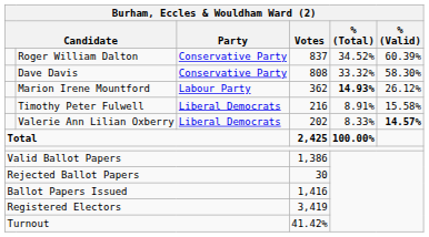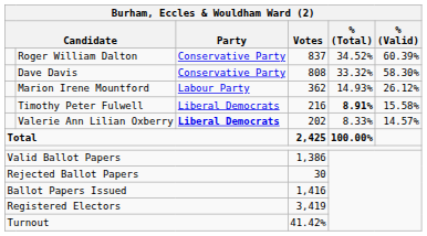 <table class="wikitable" border="1" style="text-align:right; font-size:100%">
 <tr>
 <th align=center colspan=6>Burham, Eccles & Wouldham Ward (2)</th>
 </tr>
 <tr>
 <th valign=bottom align=left colspan=2>Candidate</th>
 <th valign=bottom align=left>Party</th>
 <th valign=bottom align=center>Votes</th>
 <th align=center>%<br>(Total)</th>
 <th align=center>%<br>(Valid)</th>
 </tr>
 <tr>
 <td bgcolor=> </td>
 <td align=left>Roger William Dalton</td>
 <td align=left><a href='#'>Conservative Party</a></td>
 <td>837</td>
 <td>34.52%</td>
 <td>60.39%</td>
 </tr>
 <tr>
 <td bgcolor=> </td>
 <td align=left>Dave Davis</td>
 <td align=left><a href='#'>Conservative Party</a></td>
 <td>808</td>
 <td>33.32%</td>
 <td>58.30%</td>
 </tr>
 <tr>
 <td bgcolor=> </td>
 <td align=left>Marion Irene Mountford</td>
 <td align=left><a href='#'>Labour Party</a></td>
 <td>362</td>
-<td><strong>14.93%</strong></td>
+<td>14.93%</td>
 <td>26.12%</td>
 </tr>
 <tr>
 <td bgcolor=> </td>
 <td align=left>Timothy Peter Fulwell</td>
 <td align=left><a href='#'>Liberal Democrats</a></td>
 <td>216</td>
-<td>8.91%</td>
+<td><strong>8.91%</strong></td>
 <td>15.58%</td>
 </tr>
 <tr>
 <td bgcolor=> </td>
 <td align=left>Valerie Ann Lilian Oxberry</td>
-<td align=left><a href='#'>Liberal Democrats</a></td>
+<td align=left><strong><a href='#'>Liberal Democrats</a></strong></td>
 <td>202</td>
 <td>8.33%</td>
-<td><strong>14.57%</strong></td>
+<td>14.57%</td>
 </tr>
 <tr>
 <td align=left colspan=3><strong>Total</strong></td>
 <td><strong>2,425</strong></td>
 <td><strong>100.00%</strong></td>
 <td></td>
 </tr>
 <tr>
 <td align=left colspan=6></td>
 </tr>
 <tr>
 <td align=left colspan=3>Valid Ballot Papers</td>
 <td>1,386</td>
 <td colspan=2 rowspan=5></td>
 </tr>
 <tr>
 <td align=left colspan=3>Rejected Ballot Papers</td>
 <td>30</td>
 </tr>
 <tr>
 <td align=left colspan=3>Ballot Papers Issued</td>
 <td>1,416</td>
 </tr>
 <tr>
 <td align=left colspan=3>Registered Electors</td>
 <td>3,419</td>
 </tr>
 <tr>
 <td align=left colspan=3>Turnout</td>
 <td>41.42%</td>
 </tr>
 </table>
